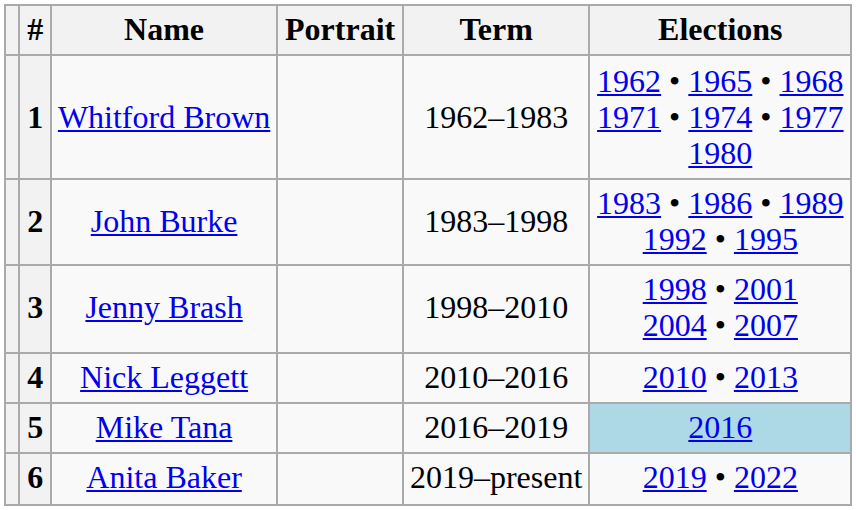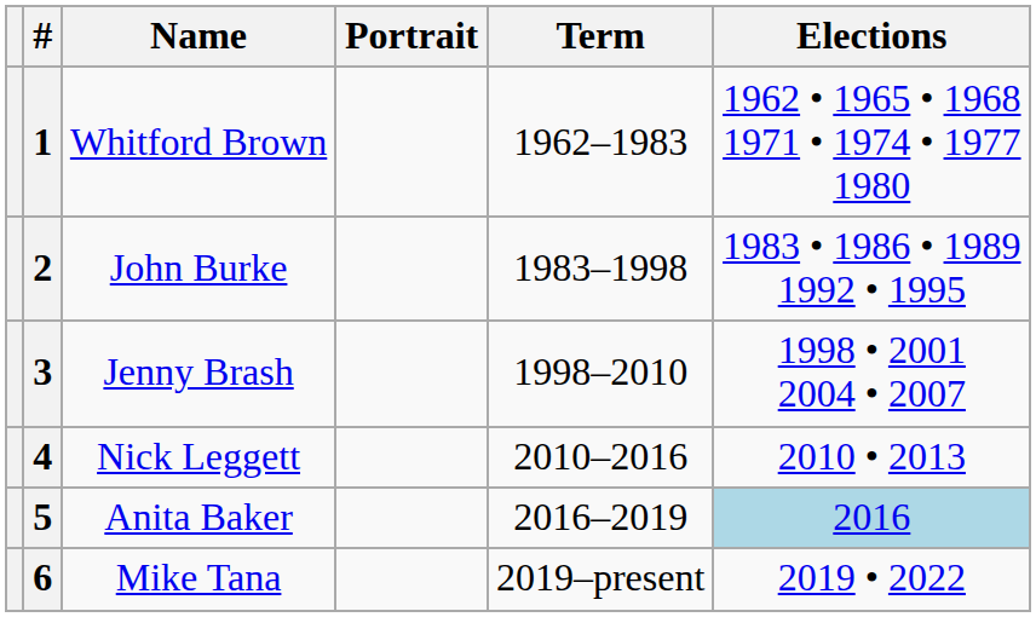 <table class="wikitable" style="text-align:center">
 <tr>
 <th></th>
 <th>#</th>
 <th>Name</th>
 <th>Portrait</th>
 <th>Term</th>
 <th>Elections</th>
 </tr>
 <tr>
 <th style="background:"></th>
 <th>1</th>
 <td><a href='#'>Whitford Brown</a></td>
 <td></td>
 <td align=center>1962–1983</td>
 <td><a href='#'>1962</a> • <a href='#'>1965</a> • <a href='#'>1968</a><br><a href='#'>1971</a> • <a href='#'>1974</a> • <a href='#'>1977</a><br><a href='#'>1980</a></td>
 </tr>
 <tr>
 <th style="background:"></th>
 <th>2</th>
 <td><a href='#'>John Burke</a></td>
 <td><br></td>
 <td align=center>1983–1998</td>
 <td><a href='#'>1983</a> • <a href='#'>1986</a> • <a href='#'>1989</a><br><a href='#'>1992</a> • <a href='#'>1995</a></td>
 </tr>
 <tr>
 <th style="background:"></th>
 <th>3</th>
 <td><a href='#'>Jenny Brash</a></td>
 <td></td>
 <td align=center>1998–2010</td>
 <td><a href='#'>1998</a>  • <a href='#'>2001</a><br><a href='#'>2004</a> • <a href='#'>2007</a></td>
 </tr>
 <tr>
 <th style="background:"></th>
 <th>4</th>
 <td><a href='#'>Nick Leggett</a></td>
 <td></td>
 <td align=center>2010–2016</td>
 <td><a href='#'>2010</a> • <a href='#'>2013</a></td>
 </tr>
 <tr>
 <th style="background:"></th>
 <th>5</th>
-<td><a href='#'>Mike Tana</a></td>
+<td><a href='#'>Anita Baker</a></td>
 <td></td>
 <td align=center>2016–2019</td>
 <td style="background: lightblue;"><a href='#'>2016</a></td>
 </tr>
 <tr>
 <th style="background:"></th>
 <th>6</th>
-<td><a href='#'>Anita Baker</a></td>
+<td><a href='#'>Mike Tana</a></td>
 <td></td>
 <td align=center>2019–present</td>
 <td><a href='#'>2019</a> • <a href='#'>2022</a></td>
 </tr>
 </table>
